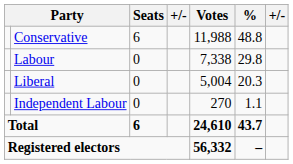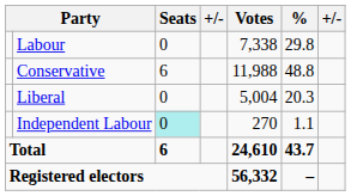 <table class="wikitable sortable">
 <tr>
 <th colspan="2">Party</th>
 <th>Seats</th>
 <th>+/-</th>
 <th>Votes</th>
 <th>%</th>
 <th>+/-</th>
 </tr>
 <tr>
 <td style="background-color: "></td>
+<td><a href='#'>Labour</a></td>
+<td>0</td>
+<td></td>
+<td style="text-align:right;">7,338</td>
+<td style="text-align:right;">29.8</td>
+<td style="text-align:right;"></td>
+</tr>
+<tr>
+<td style="background-color: "></td>
 <td><a href='#'>Conservative</a></td>
 <td>6</td>
 <td></td>
 <td style="text-align:right;">11,988</td>
 <td style="text-align:right;">48.8</td>
-<td style="text-align:right;"></td>
-</tr>
-<tr>
-<td style="background-color: "></td>
-<td><a href='#'>Labour</a></td>
-<td>0</td>
-<td></td>
-<td style="text-align:right;">7,338</td>
-<td style="text-align:right;">29.8</td>
 <td style="text-align:right;"></td>
 </tr>
 <tr>
 <td style="background-color: "></td>
 <td><a href='#'>Liberal</a></td>
 <td>0</td>
 <td></td>
 <td style="text-align:right;">5,004</td>
 <td style="text-align:right;">20.3</td>
 <td style="text-align:right;"></td>
 </tr>
 <tr>
 <td style="background-color: "></td>
 <td><a href='#'>Independent Labour</a></td>
-<td>0</td>
+<td style="background: paleturquoise;">0</td>
 <td></td>
 <td style="text-align:right;">270</td>
 <td style="text-align:right;">1.1</td>
 <td style="text-align:right;"></td>
 </tr>
 <tr>
 <td colspan="2"><strong>Total</strong></td>
 <td><strong>6</strong></td>
 <td></td>
 <td style="text-align:right;"><strong>24,610</strong></td>
 <td style="text-align:right;"><strong>43.7</strong></td>
 <td style="text-align:right;"></td>
 </tr>
 <tr>
 <td colspan="4"><strong>Registered electors</strong></td>
 <td style="text-align:right;"><strong>56,332</strong></td>
 <td style="text-align:right;"><strong>–</strong></td>
 <td style="text-align:right;"></td>
 </tr>
 </table>
